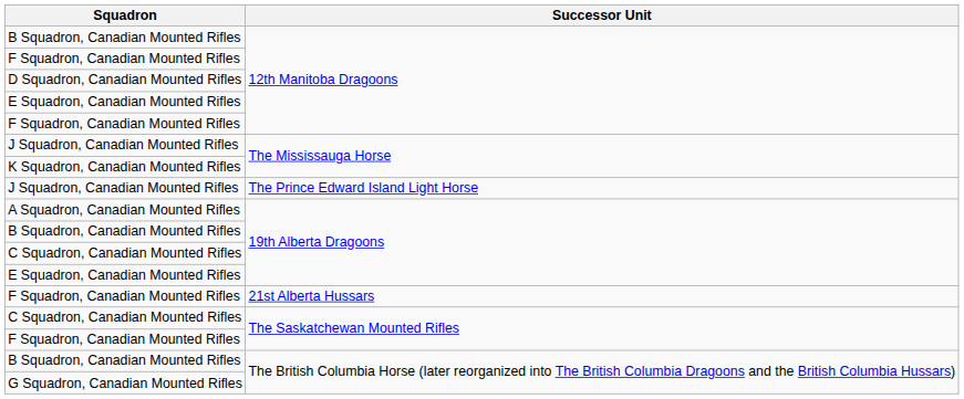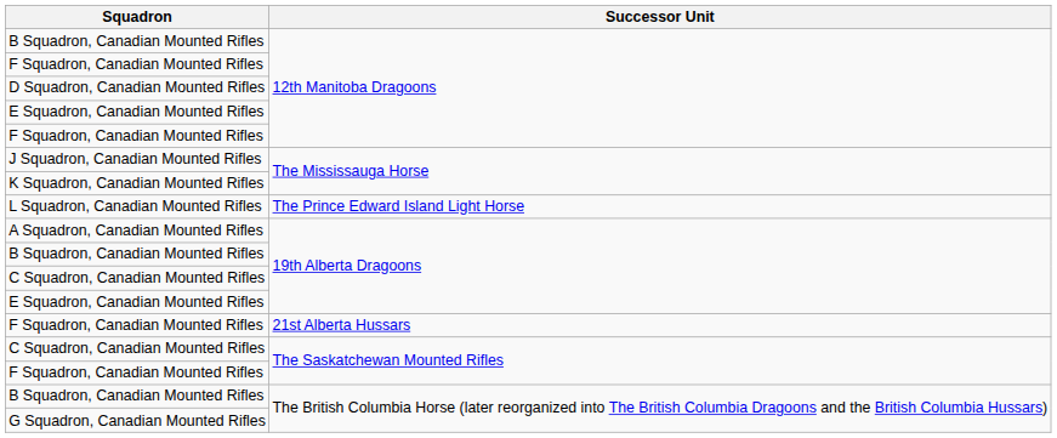 <table class="wikitable">
 <tr>
 <th>Squadron</th>
 <th>Successor Unit</th>
 </tr>
 <tr>
 <td>B Squadron, Canadian Mounted Rifles</td>
 <td rowspan="5"><a href='#'>12th Manitoba Dragoons</a></td>
 </tr>
 <tr>
 <td>F Squadron, Canadian Mounted Rifles</td>
 </tr>
 <tr>
 <td>D Squadron, Canadian Mounted Rifles</td>
 </tr>
 <tr>
 <td>E Squadron, Canadian Mounted Rifles</td>
 </tr>
 <tr>
 <td>F Squadron, Canadian Mounted Rifles</td>
 </tr>
 <tr>
 <td>J Squadron, Canadian Mounted Rifles</td>
 <td rowspan="2"><a href='#'>The Mississauga Horse</a></td>
 </tr>
 <tr>
 <td>K Squadron, Canadian Mounted Rifles</td>
 </tr>
 <tr>
-<td>J Squadron, Canadian Mounted Rifles</td>
+<td>L Squadron, Canadian Mounted Rifles</td>
 <td><a href='#'>The Prince Edward Island Light Horse</a></td>
 </tr>
 <tr>
 <td>A Squadron, Canadian Mounted Rifles</td>
 <td rowspan="4"><a href='#'>19th Alberta Dragoons</a></td>
 </tr>
 <tr>
 <td>B Squadron, Canadian Mounted Rifles</td>
 </tr>
 <tr>
 <td>C Squadron, Canadian Mounted Rifles</td>
 </tr>
 <tr>
 <td>E Squadron, Canadian Mounted Rifles</td>
 </tr>
 <tr>
 <td>F Squadron, Canadian Mounted Rifles</td>
 <td><a href='#'>21st Alberta Hussars</a></td>
 </tr>
 <tr>
 <td>C Squadron, Canadian Mounted Rifles</td>
 <td rowspan="2"><a href='#'>The Saskatchewan Mounted Rifles</a></td>
 </tr>
 <tr>
 <td>F Squadron, Canadian Mounted Rifles</td>
 </tr>
 <tr>
 <td>B Squadron, Canadian Mounted Rifles</td>
 <td rowspan="2">The British Columbia Horse (later reorganized into <a href='#'>The British Columbia Dragoons</a> and the <a href='#'>British Columbia Hussars</a>)</td>
 </tr>
 <tr>
 <td>G Squadron, Canadian Mounted Rifles</td>
 </tr>
 </table>
